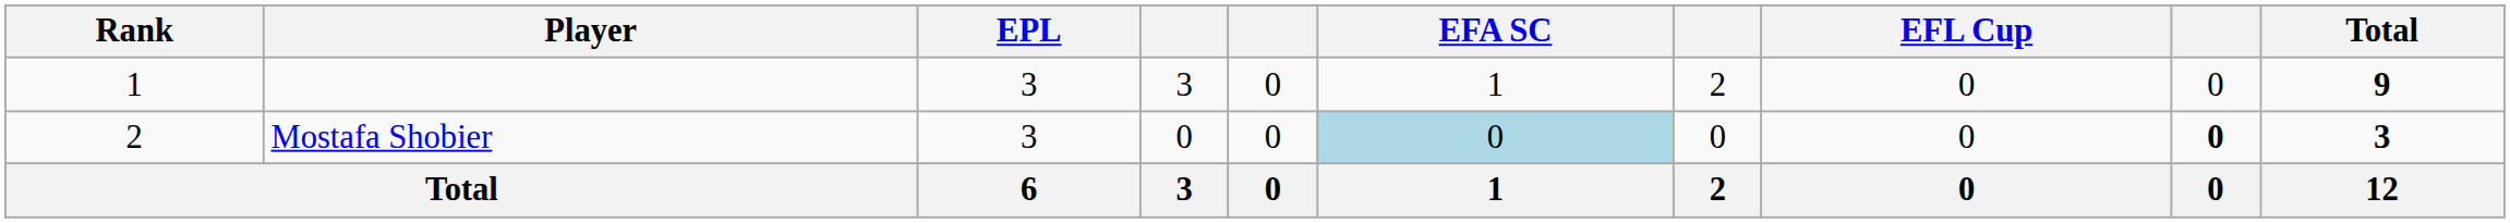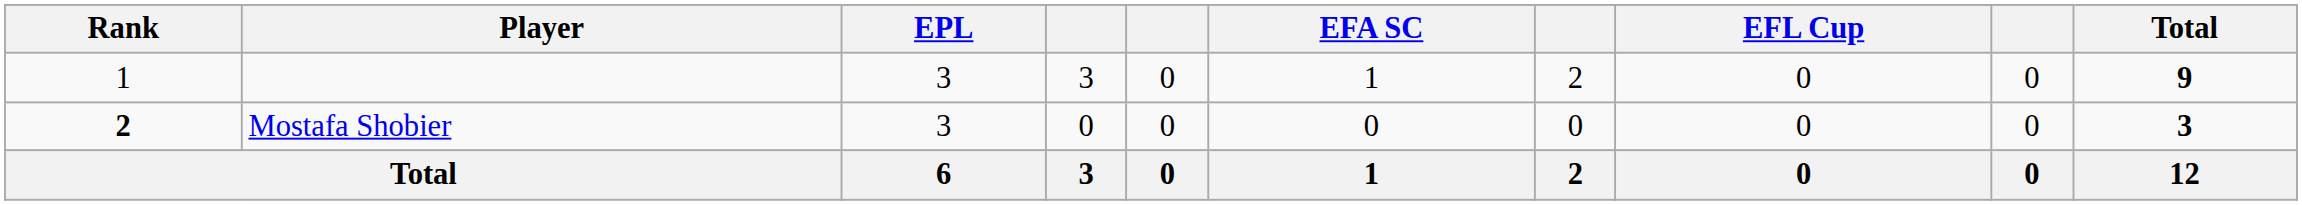 <table class="wikitable sortable" style="text-align:center; width:95%">
 <tr>
 <th style=background-color:#;color:#>Rank</th>
 <th style=background-color:#;color:#>Player</th>
 <th style=background-color:#;color:#><a href='#'>EPL</a></th>
 <th style=background-color:#;color:#></th>
 <th style=background-color:#;color:#></th>
 <th style=background-color:#;color:#><a href='#'>EFA SC</a></th>
 <th style=background-color:#;color:#></th>
 <th style=background-color:#;color:#><a href='#'>EFL Cup</a></th>
 <th style=background-color:#;color:#></th>
 <th style=background-color:#;color:#>Total</th>
 </tr>
 <tr>
 <td>1</td>
 <td align=left></td>
 <td>3</td>
 <td>3</td>
 <td>0</td>
 <td>1</td>
 <td>2</td>
 <td>0</td>
 <td>0</td>
 <td><strong>9</strong></td>
 </tr>
 <tr>
-<td>2</td>
+<td><strong>2</strong></td>
 <td align=left> <a href='#'>Mostafa Shobier</a></td>
 <td>3</td>
 <td>0</td>
 <td>0</td>
-<td style="background: lightblue;">0</td>
 <td>0</td>
 <td>0</td>
-<td><strong>0</strong></td>
+<td>0</td>
+<td>0</td>
 <td><strong>3</strong></td>
 </tr>
 <tr>
 <th colspan=2>Total</th>
 <th>6</th>
 <th>3</th>
 <th>0</th>
 <th>1</th>
 <th>2</th>
 <th>0</th>
 <th>0</th>
 <th>12</th>
 </tr>
 </table>
